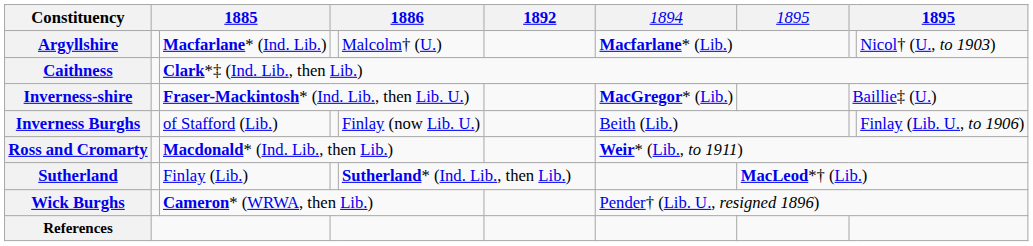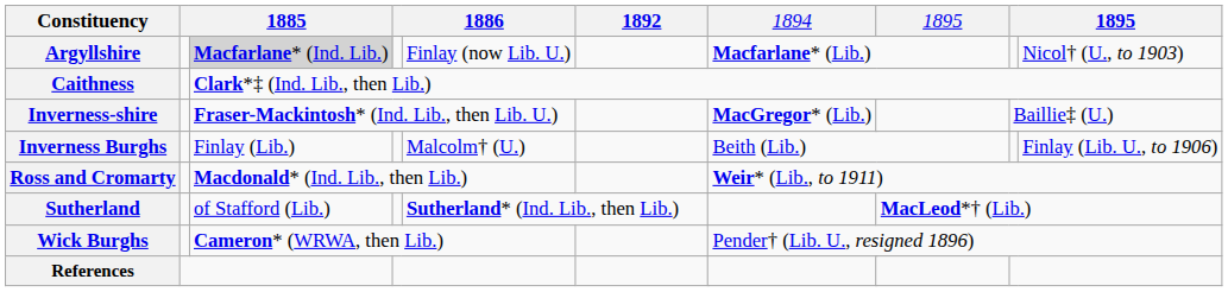 <table class="wikitable">
 <tr>
 <th scope="col">Constituency</th>
 <th scope="col" colspan="2"><a href='#'>1885</a></th>
 <th scope="col" colspan="2"><a href='#'>1886</a></th>
 <th scope="col" colspan="2" width=100><a href='#'>1892</a></th>
 <th scope="col" colspan="2"  width=100 style="font-weight: normal; font-style: italic;"><a href='#'>1894</a></th>
 <th scope="col" colspan="2"  width=100 style="font-weight: normal; font-style: italic;"><a href='#'>1895</a></th>
 <th scope="col" colspan="2"><a href='#'>1895</a></th>
 </tr>
 <tr>
 <th scope="row"><a href='#'>Argyllshire</a></th>
 <td style="background-color: "></td>
-<td><strong><a href='#'>Macfarlane</a></strong>* (<a href='#'>Ind. Lib.</a>)</td>
+<td style="background: lightgrey;"><strong><a href='#'>Macfarlane</a></strong>* (<a href='#'>Ind. Lib.</a>)</td>
 <td style="background-color: "></td>
-<td><a href='#'>Malcolm</a>† (<a href='#'>U.</a>)</td>
+<td><a href='#'>Finlay</a> (now <a href='#'>Lib. U.</a>)</td>
 <td style="background-color: "></td>
 <td colspan="5"><strong><a href='#'>Macfarlane</a></strong>* (<a href='#'>Lib.</a>)</td>
 <td style="background-color: "></td>
 <td><a href='#'>Nicol</a>† (<a href='#'>U.</a>, <em>to 1903</em>)</td>
 </tr>
 <tr>
 <th scope="row"><a href='#'>Caithness</a></th>
 <td style="background-color: "></td>
 <td colspan="11"><strong><a href='#'>Clark</a></strong>*‡ (<a href='#'>Ind. Lib.</a>, then <a href='#'>Lib.</a>)</td>
 </tr>
 <tr>
 <th scope="row"><a href='#'>Inverness-shire</a></th>
 <td style="background-color: "></td>
 <td colspan="3"><strong><a href='#'>Fraser-Mackintosh</a></strong>* (<a href='#'>Ind. Lib.</a>, then <a href='#'>Lib. U.</a>)</td>
 <td style="background-color: "></td>
 <td colspan="3"><strong><a href='#'>MacGregor</a></strong>* (<a href='#'>Lib.</a>)</td>
 <td style="background-color: "></td>
 <td colspan="3"><a href='#'>Baillie</a>‡ (<a href='#'>U.</a>)</td>
 </tr>
 <tr>
 <th scope="row"><a href='#'>Inverness Burghs</a></th>
 <td style="background-color: "></td>
-<td><a href='#'> of Stafford</a> (<a href='#'>Lib.</a>)</td>
+<td><a href='#'>Finlay</a> (<a href='#'>Lib.</a>)</td>
 <td style="background-color: "></td>
-<td><a href='#'>Finlay</a> (now <a href='#'>Lib. U.</a>)</td>
+<td><a href='#'>Malcolm</a>† (<a href='#'>U.</a>)</td>
 <td style="background-color: "></td>
 <td colspan="5"><a href='#'>Beith</a> (<a href='#'>Lib.</a>)</td>
 <td style="background-color: "></td>
 <td><a href='#'>Finlay</a> (<a href='#'>Lib. U.</a>, <em>to 1906</em>)</td>
 </tr>
 <tr>
 <th scope="row"><a href='#'>Ross and Cromarty</a></th>
 <td style="background-color: "></td>
 <td colspan="3"><strong><a href='#'>Macdonald</a></strong>* (<a href='#'>Ind. Lib.</a>, then <a href='#'>Lib.</a>)</td>
 <td style="background-color: "></td>
 <td colspan="7"><strong><a href='#'>Weir</a></strong>* (<a href='#'>Lib.</a>, <em>to 1911</em>)</td>
 </tr>
 <tr>
 <th scope="row"><a href='#'>Sutherland</a></th>
 <td style="background-color: "></td>
-<td><a href='#'>Finlay</a> (<a href='#'>Lib.</a>)</td>
+<td><a href='#'> of Stafford</a> (<a href='#'>Lib.</a>)</td>
 <td style="background-color: "></td>
 <td colspan="3"><strong><a href='#'>Sutherland</a></strong>* (<a href='#'>Ind. Lib.</a>, then <a href='#'>Lib.</a>)</td>
 <td style="background-color: "></td>
 <td colspan="5"><strong><a href='#'>MacLeod</a></strong>*† (<a href='#'>Lib.</a>)</td>
 </tr>
 <tr>
 <th scope="row"><a href='#'>Wick Burghs</a></th>
 <td style="background-color: "></td>
 <td colspan="3"><strong><a href='#'>Cameron</a></strong>* (<a href='#'>WRWA</a>, then <a href='#'>Lib.</a>)</td>
 <td style="background-color: "></td>
 <td colspan="7"><a href='#'>Pender</a>† (<a href='#'>Lib. U.</a>, <em>resigned 1896</em>)</td>
 </tr>
 <tr style="font-size: 90%;">
 <th scope="row">References</th>
 <td colspan="2"></td>
 <td colspan="2"></td>
 <td colspan="2"></td>
 <td colspan="2"></td>
 <td colspan="2"></td>
 <td colspan="2"></td>
 </tr>
 </table>
